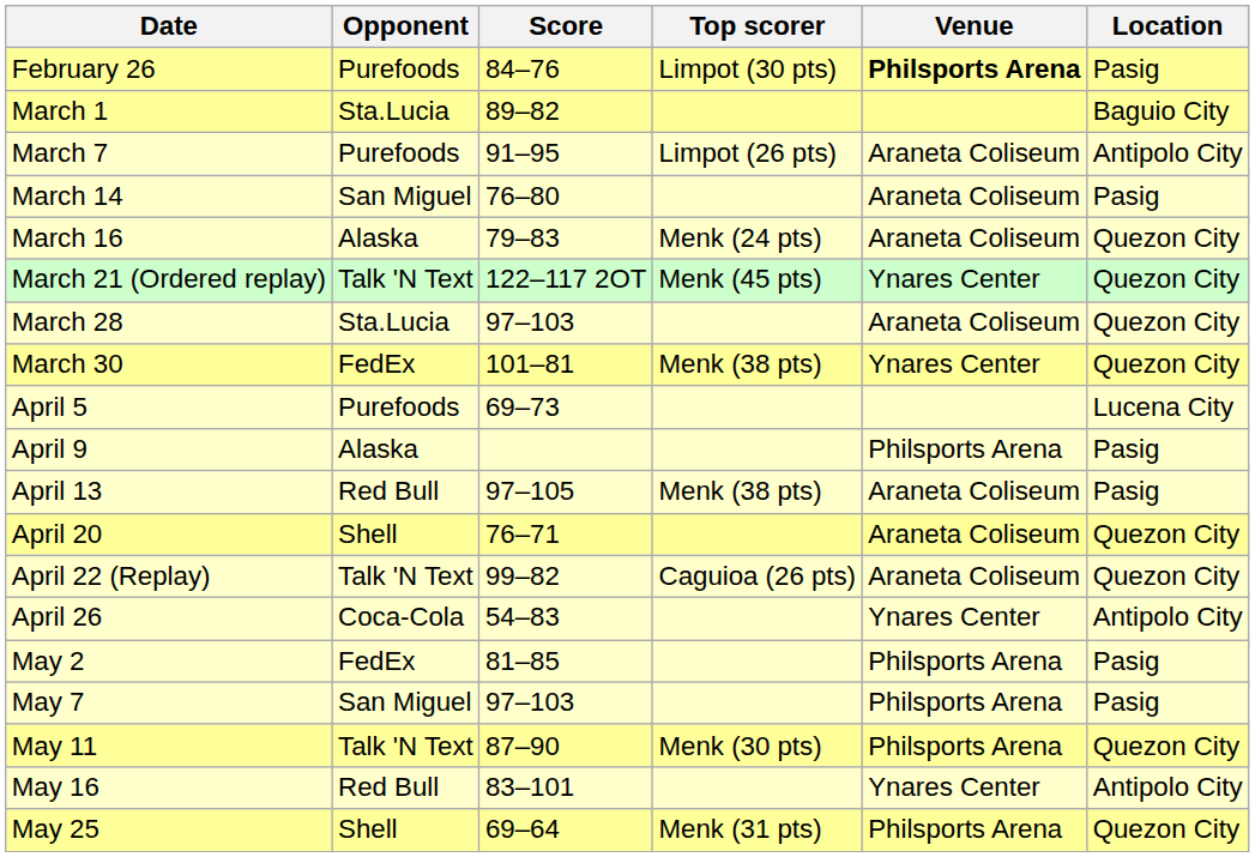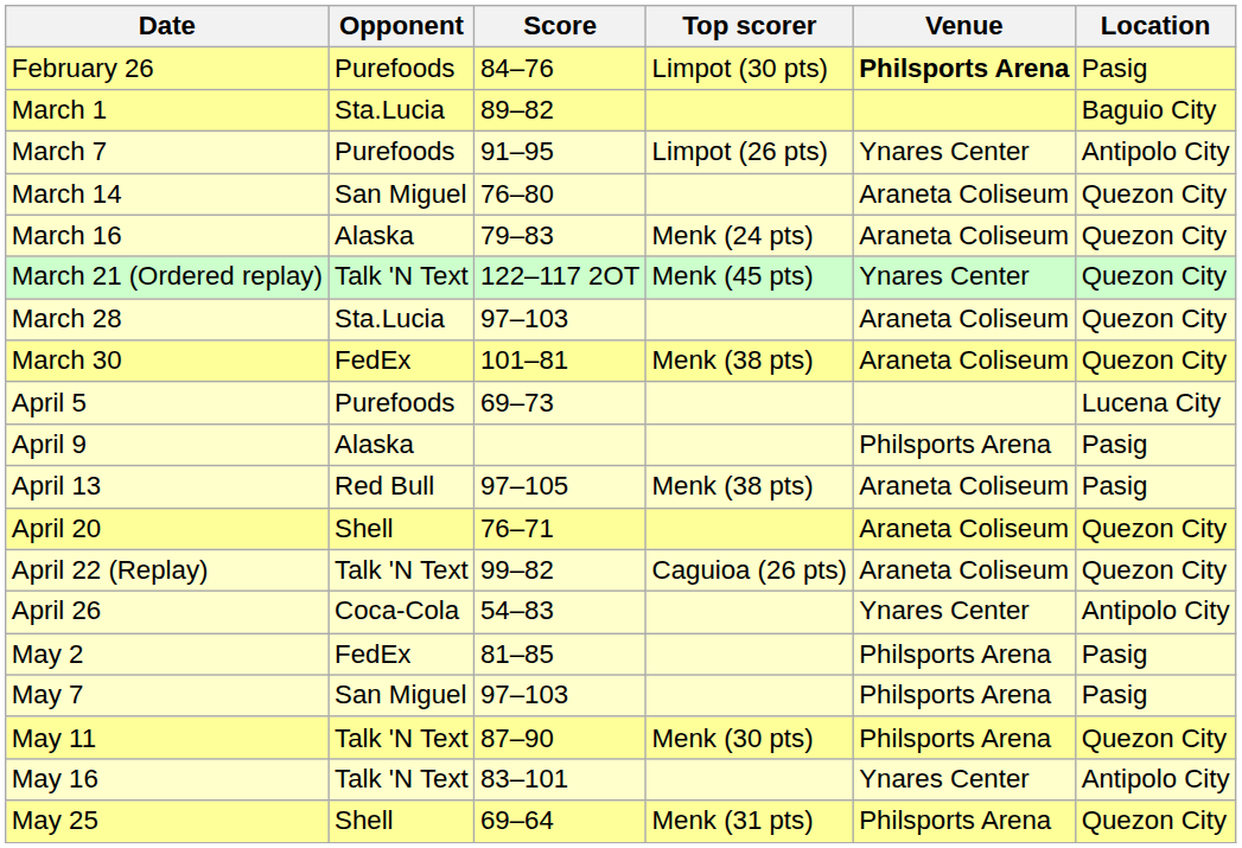 <table class="wikitable sortable sortable">
 <tr>
 <th>Date</th>
 <th>Opponent</th>
 <th>Score</th>
 <th>Top scorer</th>
 <th>Venue</th>
 <th>Location</th>
 </tr>
 <tr bgcolor=#FFFF99>
 <td>February 26</td>
 <td>Purefoods</td>
 <td>84–76</td>
 <td>Limpot (30 pts)</td>
 <td><strong>Philsports Arena</strong></td>
 <td>Pasig</td>
 </tr>
 <tr bgcolor=#FFFF99>
 <td>March 1</td>
 <td>Sta.Lucia</td>
 <td>89–82</td>
 <td></td>
 <td></td>
 <td>Baguio City</td>
 </tr>
 <tr bgcolor=#FFFFCC>
 <td>March 7</td>
 <td>Purefoods</td>
 <td>91–95</td>
 <td>Limpot (26 pts)</td>
-<td>Araneta Coliseum</td>
+<td>Ynares Center</td>
 <td>Antipolo City</td>
 </tr>
 <tr bgcolor=#FFFFCC>
 <td>March 14</td>
 <td>San Miguel</td>
 <td>76–80</td>
 <td></td>
 <td>Araneta Coliseum</td>
-<td>Pasig</td>
+<td>Quezon City</td>
 </tr>
 <tr bgcolor=#FFFFCC>
 <td>March 16</td>
 <td>Alaska</td>
 <td>79–83</td>
 <td>Menk (24 pts)</td>
 <td>Araneta Coliseum</td>
 <td>Quezon City</td>
 </tr>
 <tr bgcolor=#ccffcc>
 <td>March 21 (Ordered replay)</td>
 <td>Talk 'N Text</td>
 <td>122–117 2OT</td>
 <td>Menk (45 pts)</td>
 <td>Ynares Center</td>
 <td>Quezon City</td>
 </tr>
 <tr bgcolor=#FFFFCC>
 <td>March 28</td>
 <td>Sta.Lucia</td>
 <td>97–103</td>
 <td></td>
 <td>Araneta Coliseum</td>
 <td>Quezon City</td>
 </tr>
 <tr bgcolor=#FFFF99>
 <td>March 30</td>
 <td>FedEx</td>
 <td>101–81</td>
 <td>Menk (38 pts)</td>
-<td>Ynares Center</td>
+<td>Araneta Coliseum</td>
 <td>Quezon City</td>
 </tr>
 <tr bgcolor=#FFFFCC>
 <td>April 5</td>
 <td>Purefoods</td>
 <td>69–73</td>
 <td></td>
 <td></td>
 <td>Lucena City</td>
 </tr>
 <tr bgcolor=#FFFFCC>
 <td>April 9</td>
 <td>Alaska</td>
 <td></td>
 <td></td>
 <td>Philsports Arena</td>
 <td>Pasig</td>
 </tr>
 <tr bgcolor=#FFFFCC>
 <td>April 13</td>
 <td>Red Bull</td>
 <td>97–105</td>
 <td>Menk (38 pts)</td>
 <td>Araneta Coliseum</td>
 <td>Pasig</td>
 </tr>
 <tr bgcolor=#FFFF99>
 <td>April 20</td>
 <td>Shell</td>
 <td>76–71</td>
 <td></td>
 <td>Araneta Coliseum</td>
 <td>Quezon City</td>
 </tr>
 <tr bgcolor=#FFFFCC>
 <td>April 22 (Replay)</td>
 <td>Talk 'N Text</td>
 <td>99–82</td>
 <td>Caguioa (26 pts)</td>
 <td>Araneta Coliseum</td>
 <td>Quezon City</td>
 </tr>
 <tr bgcolor=#FFFFCC>
 <td>April 26</td>
 <td>Coca-Cola</td>
 <td>54–83</td>
 <td></td>
 <td>Ynares Center</td>
 <td>Antipolo City</td>
 </tr>
 <tr bgcolor=#FFFFCC>
 <td>May 2</td>
 <td>FedEx</td>
 <td>81–85</td>
 <td></td>
 <td>Philsports Arena</td>
 <td>Pasig</td>
 </tr>
 <tr bgcolor=#FFFFCC>
 <td>May 7</td>
 <td>San Miguel</td>
 <td>97–103</td>
 <td></td>
 <td>Philsports Arena</td>
 <td>Pasig</td>
 </tr>
 <tr bgcolor=#FFFF99>
 <td>May 11</td>
 <td>Talk 'N Text</td>
 <td>87–90</td>
 <td>Menk (30 pts)</td>
 <td>Philsports Arena</td>
 <td>Quezon City</td>
 </tr>
 <tr bgcolor=#FFFFCC>
 <td>May 16</td>
-<td>Red Bull</td>
+<td>Talk 'N Text</td>
 <td>83–101</td>
 <td></td>
 <td>Ynares Center</td>
 <td>Antipolo City</td>
 </tr>
 <tr bgcolor=#FFFF99>
 <td>May 25</td>
 <td>Shell</td>
 <td>69–64</td>
 <td>Menk (31 pts)</td>
 <td>Philsports Arena</td>
 <td>Quezon City</td>
 </tr>
 <tr>
 </tr>
 </table>
